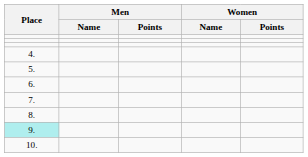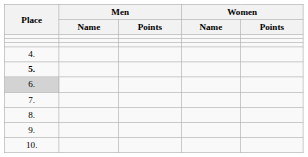 <table class=wikitable style="font-size:95%" width="80%">
 <tr>
 <th rowspan="2">Place</th>
 <th colspan="2">Men</th>
 <th colspan="2">Women</th>
 </tr>
 <tr>
 <th>Name</th>
 <th>Points</th>
 <th>Name</th>
 <th>Points</th>
 </tr>
 <tr>
 <td align="center"></td>
 <td></td>
 <td></td>
 <td></td>
 <td></td>
 </tr>
 <tr>
 <td align="center"></td>
 <td></td>
 <td></td>
 <td></td>
 <td></td>
 </tr>
 <tr>
 <td align="center"></td>
 <td></td>
 <td></td>
 <td></td>
 <td></td>
 </tr>
 <tr>
 <td align="center">4.</td>
 <td></td>
 <td></td>
 <td></td>
 <td></td>
 </tr>
 <tr>
-<td align="center">5.</td>
+<td align="center"><strong>5.</strong></td>
 <td></td>
 <td></td>
 <td></td>
 <td></td>
 </tr>
 <tr>
-<td align="center">6.</td>
+<td align="center" style="background: lightgrey;">6.</td>
 <td></td>
 <td></td>
 <td></td>
 <td></td>
 </tr>
 <tr>
 <td align="center">7.</td>
 <td></td>
 <td></td>
 <td></td>
 <td></td>
 </tr>
 <tr>
 <td align="center">8.</td>
 <td></td>
 <td></td>
 <td></td>
 <td></td>
 </tr>
 <tr>
-<td align="center" style="background: paleturquoise;">9.</td>
+<td align="center">9.</td>
 <td></td>
 <td></td>
 <td></td>
 <td></td>
 </tr>
 <tr>
 <td align="center">10.</td>
 <td></td>
 <td></td>
 <td></td>
 <td></td>
 </tr>
 </table>
